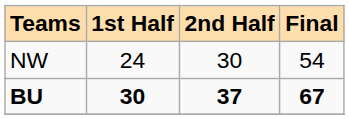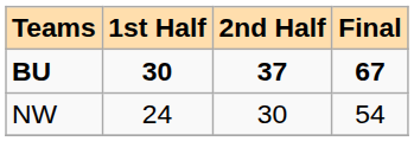 <table class="wikitable" align=right>
 <tr bgcolor=#ffdead align=center>
 <td><strong>Teams</strong></td>
 <td><strong>1st Half</strong></td>
 <td><strong>2nd Half</strong></td>
 <td><strong>Final</strong></td>
 </tr>
 <tr>
+<td><strong>BU</strong></td>
+<td align=center><strong>30</strong></td>
+<td align=center><strong>37</strong></td>
+<td align=center><strong>67</strong></td>
+</tr>
+<tr>
 <td>NW</td>
 <td align=center>24</td>
 <td align=center>30</td>
 <td align=center>54</td>
 </tr>
 <tr>
-<td><strong>BU</strong></td>
-<td align=center><strong>30</strong></td>
-<td align=center><strong>37</strong></td>
-<td align=center><strong>67</strong></td>
-</tr>
-<tr>
 </tr>
 </table>
